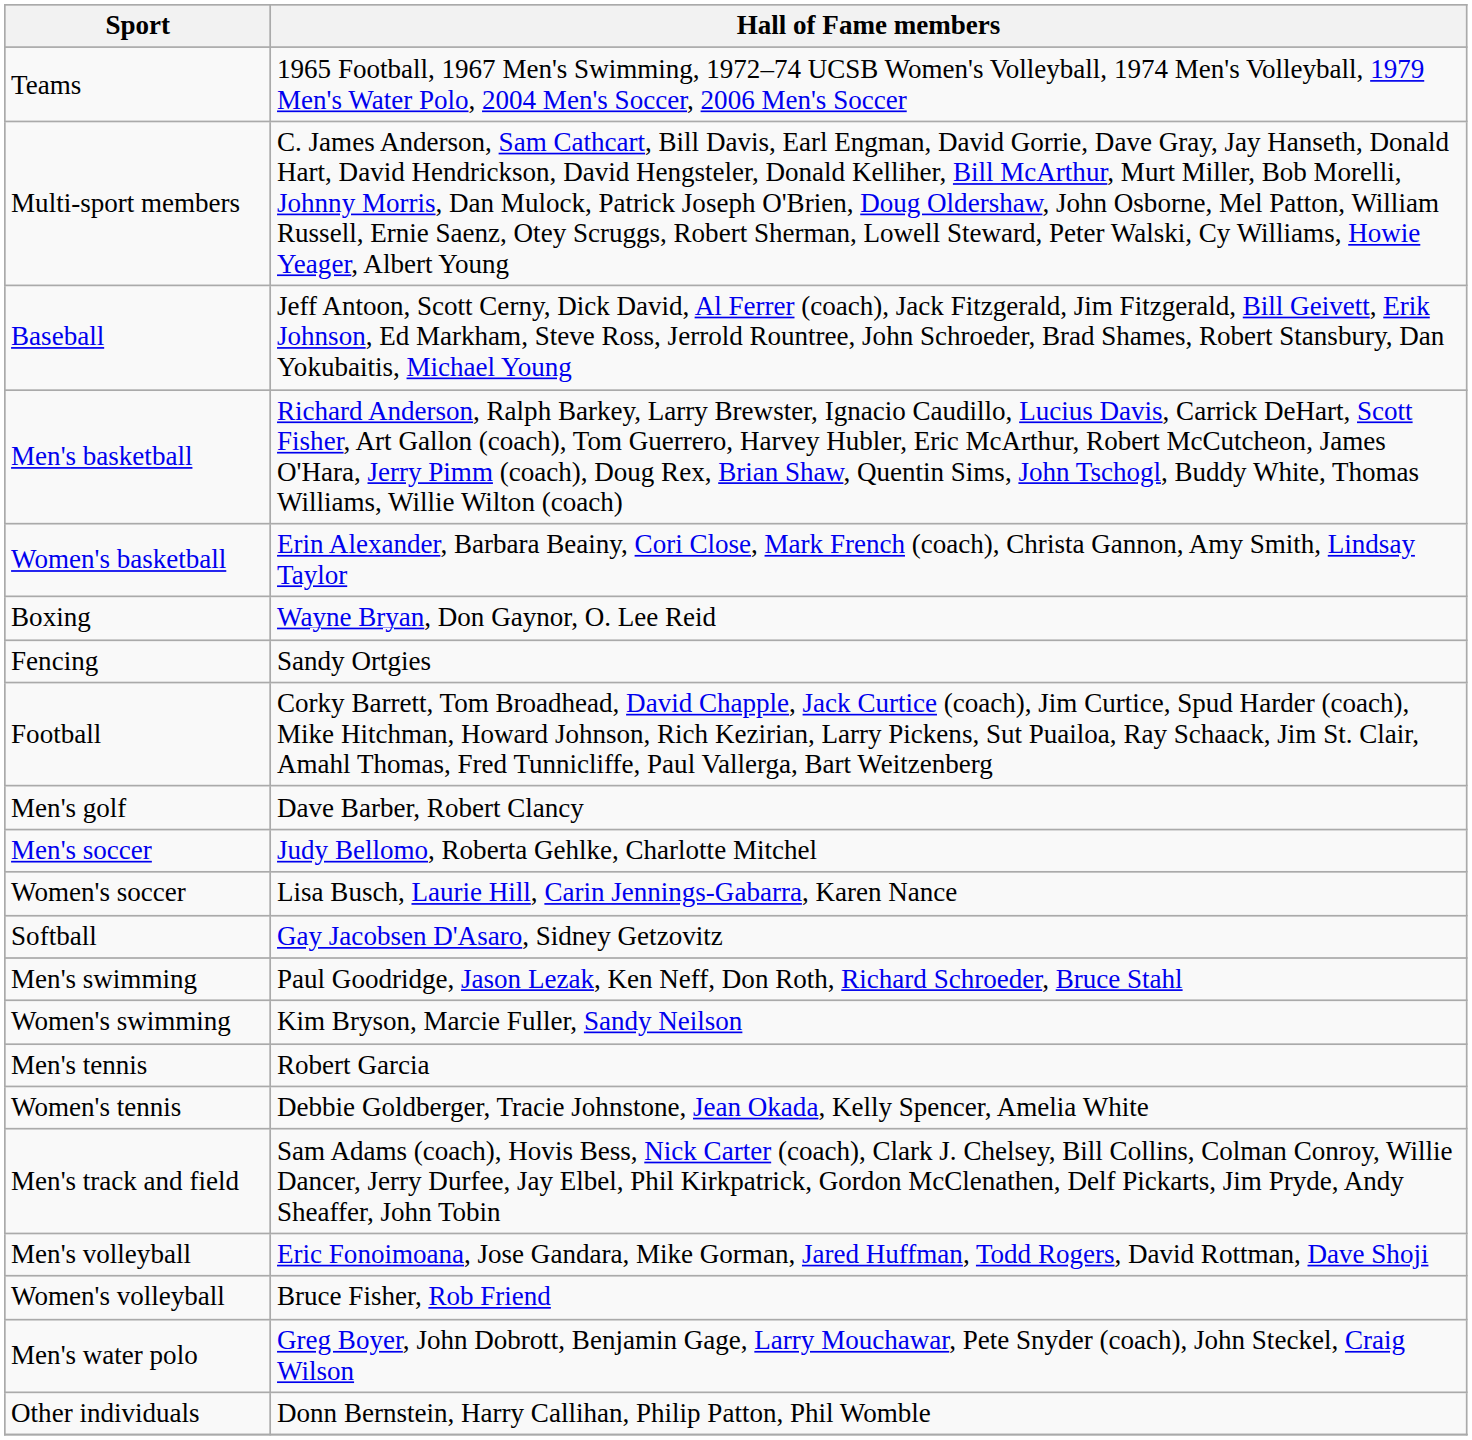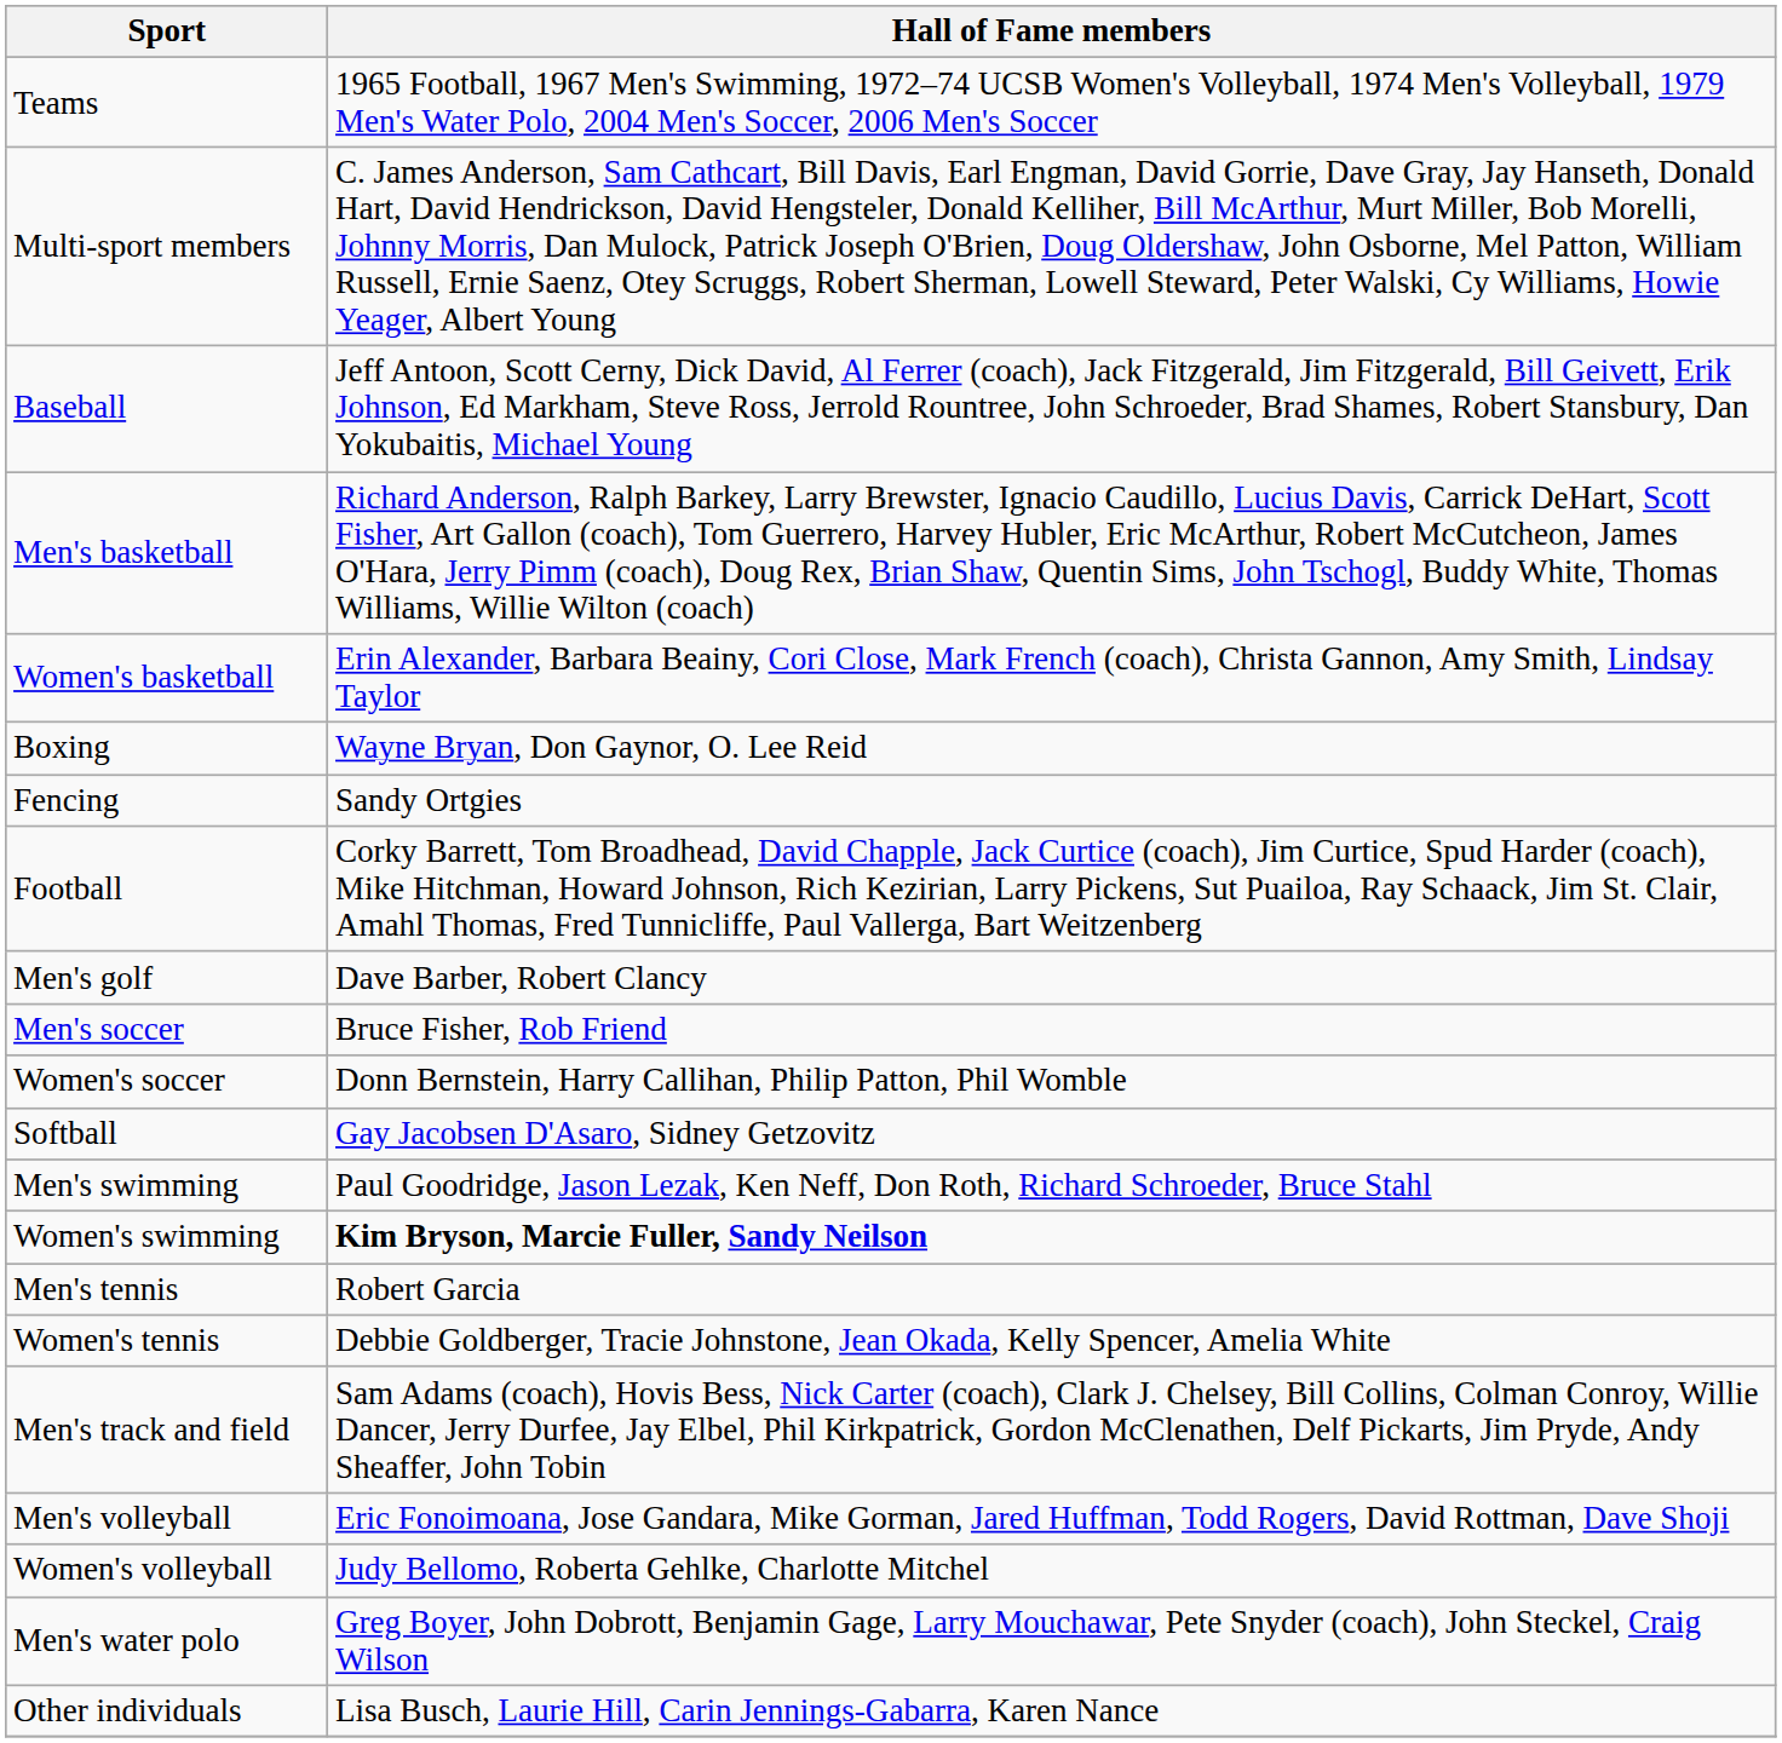 <table class="wikitable"; style= "text-align: ">
 <tr>
 <th width=150px>Sport</th>
 <th width=700px>Hall of Fame members</th>
 </tr>
 <tr>
 <td>Teams</td>
 <td>1965 Football, 1967 Men's Swimming, 1972–74 UCSB Women's Volleyball, 1974 Men's Volleyball, <a href='#'>1979 Men's Water Polo</a>, <a href='#'>2004 Men's Soccer</a>, <a href='#'>2006 Men's Soccer</a></td>
 </tr>
 <tr>
 <td>Multi-sport members</td>
 <td>C. James Anderson, <a href='#'>Sam Cathcart</a>, Bill Davis, Earl Engman, David Gorrie, Dave Gray, Jay Hanseth, Donald Hart, David Hendrickson, David Hengsteler, Donald Kelliher, <a href='#'>Bill McArthur</a>, Murt Miller, Bob Morelli, <a href='#'>Johnny Morris</a>, Dan Mulock, Patrick Joseph O'Brien, <a href='#'>Doug Oldershaw</a>, John Osborne, Mel Patton, William Russell, Ernie Saenz, Otey Scruggs, Robert Sherman, Lowell Steward, Peter Walski, Cy Williams, <a href='#'>Howie Yeager</a>, Albert Young</td>
 </tr>
 <tr>
 <td><a href='#'>Baseball</a></td>
 <td>Jeff Antoon, Scott Cerny, Dick David, <a href='#'>Al Ferrer</a> (coach), Jack Fitzgerald, Jim Fitzgerald, <a href='#'>Bill Geivett</a>, <a href='#'>Erik Johnson</a>, Ed Markham, Steve Ross, Jerrold Rountree, John Schroeder, Brad Shames, Robert Stansbury, Dan Yokubaitis, <a href='#'>Michael Young</a></td>
 </tr>
 <tr>
 <td><a href='#'>Men's basketball</a></td>
 <td><a href='#'>Richard Anderson</a>, Ralph Barkey, Larry Brewster, Ignacio Caudillo, <a href='#'>Lucius Davis</a>, Carrick DeHart, <a href='#'>Scott Fisher</a>, Art Gallon (coach), Tom Guerrero, Harvey Hubler, Eric McArthur, Robert McCutcheon, James O'Hara, <a href='#'>Jerry Pimm</a> (coach), Doug Rex, <a href='#'>Brian Shaw</a>, Quentin Sims, <a href='#'>John Tschogl</a>, Buddy White, Thomas Williams, Willie Wilton (coach)</td>
 </tr>
 <tr>
 <td><a href='#'>Women's basketball</a></td>
 <td><a href='#'>Erin Alexander</a>, Barbara Beainy, <a href='#'>Cori Close</a>, <a href='#'>Mark French</a> (coach), Christa Gannon, Amy Smith, <a href='#'>Lindsay Taylor</a></td>
 </tr>
 <tr>
 <td>Boxing</td>
 <td><a href='#'>Wayne Bryan</a>, Don Gaynor, O. Lee Reid</td>
 </tr>
 <tr>
 <td>Fencing</td>
 <td>Sandy Ortgies</td>
 </tr>
 <tr>
 <td>Football</td>
 <td>Corky Barrett, Tom Broadhead, <a href='#'>David Chapple</a>, <a href='#'>Jack Curtice</a> (coach), Jim Curtice, Spud Harder (coach), Mike Hitchman, Howard Johnson, Rich Kezirian, Larry Pickens, Sut Puailoa, Ray Schaack, Jim St. Clair, Amahl Thomas, Fred Tunnicliffe, Paul Vallerga, Bart Weitzenberg</td>
 </tr>
 <tr>
 <td>Men's golf</td>
 <td>Dave Barber, Robert Clancy</td>
 </tr>
 <tr>
 <td><a href='#'>Men's soccer</a></td>
-<td><a href='#'>Judy Bellomo</a>, Roberta Gehlke, Charlotte Mitchel</td>
+<td>Bruce Fisher, <a href='#'>Rob Friend</a></td>
 </tr>
 <tr>
 <td>Women's soccer</td>
-<td>Lisa Busch, <a href='#'>Laurie Hill</a>, <a href='#'>Carin Jennings-Gabarra</a>, Karen Nance</td>
+<td>Donn Bernstein, Harry Callihan, Philip Patton, Phil Womble</td>
 </tr>
 <tr>
 <td>Softball</td>
 <td><a href='#'>Gay Jacobsen D'Asaro</a>, Sidney Getzovitz</td>
 </tr>
 <tr>
 <td>Men's swimming</td>
 <td>Paul Goodridge, <a href='#'>Jason Lezak</a>, Ken Neff, Don Roth, <a href='#'>Richard Schroeder</a>, <a href='#'>Bruce Stahl</a></td>
 </tr>
 <tr>
 <td>Women's swimming</td>
-<td>Kim Bryson, Marcie Fuller, <a href='#'>Sandy Neilson</a></td>
+<td><strong>Kim Bryson, Marcie Fuller, <a href='#'>Sandy Neilson</a></strong></td>
 </tr>
 <tr>
 <td>Men's tennis</td>
 <td>Robert Garcia</td>
 </tr>
 <tr>
 <td>Women's tennis</td>
 <td>Debbie Goldberger, Tracie Johnstone, <a href='#'>Jean Okada</a>, Kelly Spencer, Amelia White</td>
 </tr>
 <tr>
 <td>Men's track and field</td>
 <td>Sam Adams (coach), Hovis Bess, <a href='#'>Nick Carter</a> (coach), Clark J. Chelsey, Bill Collins, Colman Conroy, Willie Dancer, Jerry Durfee, Jay Elbel, Phil Kirkpatrick, Gordon McClenathen, Delf Pickarts, Jim Pryde, Andy Sheaffer, John Tobin</td>
 </tr>
 <tr>
 <td>Men's volleyball</td>
 <td><a href='#'>Eric Fonoimoana</a>, Jose Gandara, Mike Gorman, <a href='#'>Jared Huffman</a>, <a href='#'>Todd Rogers</a>, David Rottman, <a href='#'>Dave Shoji</a></td>
 </tr>
 <tr>
 <td>Women's volleyball</td>
-<td>Bruce Fisher, <a href='#'>Rob Friend</a></td>
+<td><a href='#'>Judy Bellomo</a>, Roberta Gehlke, Charlotte Mitchel</td>
 </tr>
 <tr>
 <td>Men's water polo</td>
 <td><a href='#'>Greg Boyer</a>, John Dobrott, Benjamin Gage, <a href='#'>Larry Mouchawar</a>, Pete Snyder (coach), John Steckel, <a href='#'>Craig Wilson</a></td>
 </tr>
 <tr>
 <td>Other individuals</td>
-<td>Donn Bernstein, Harry Callihan, Philip Patton, Phil Womble</td>
+<td>Lisa Busch, <a href='#'>Laurie Hill</a>, <a href='#'>Carin Jennings-Gabarra</a>, Karen Nance</td>
 </tr>
 <tr>
 </tr>
 </table>
